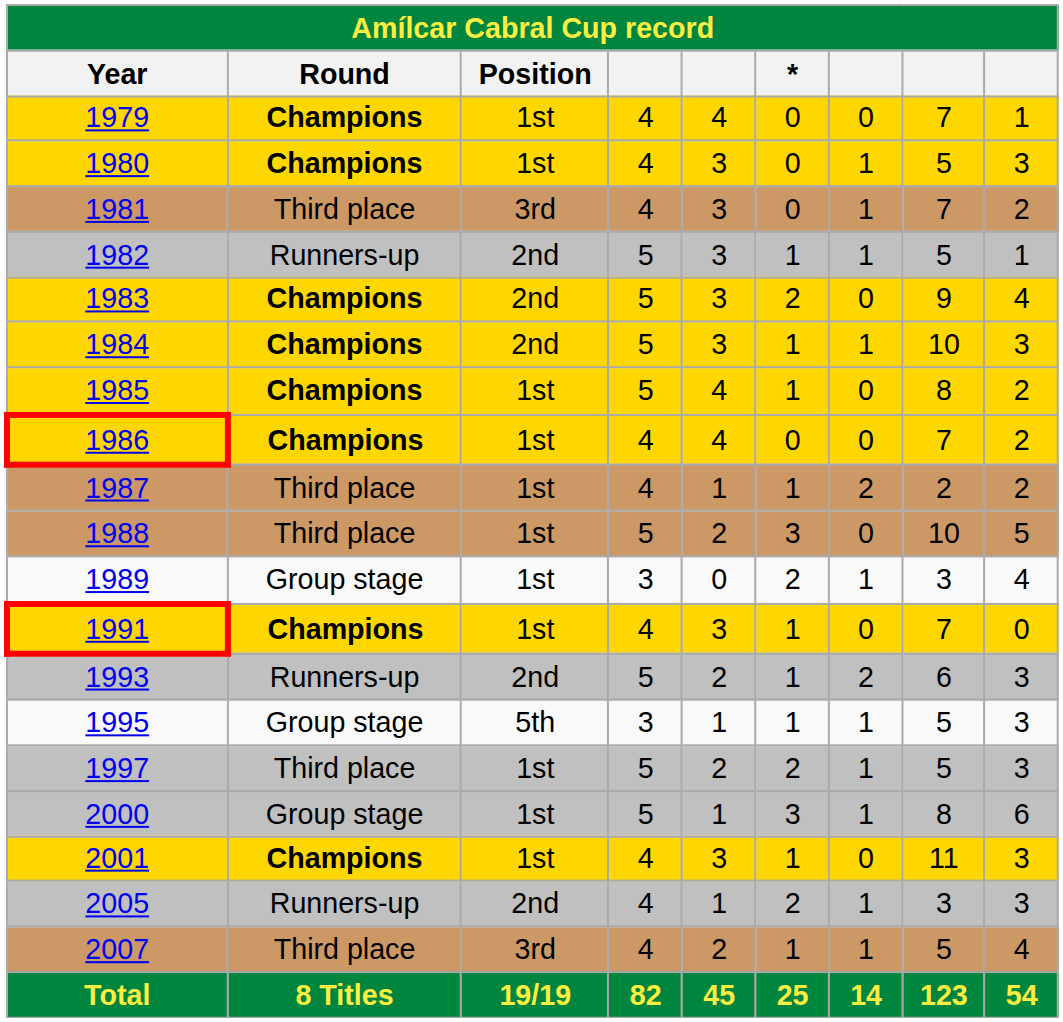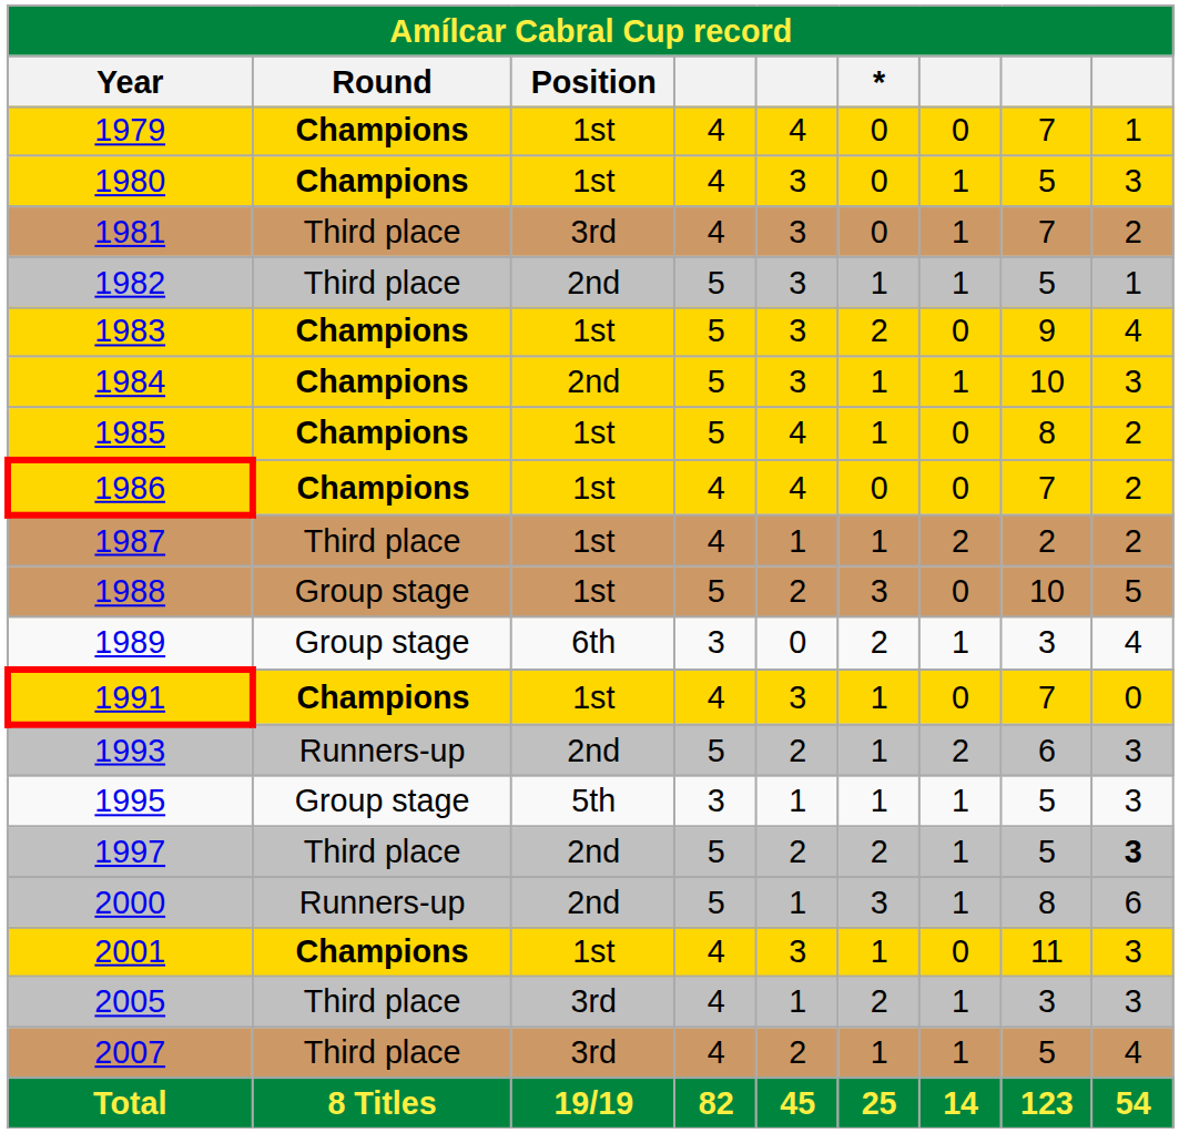 <table class="wikitable" style="font-size:90%; text-align:center;" width="60%">
 <tr>
 <th colspan="9" style="background:#00853F; color:#FDEF42; ">Amílcar Cabral Cup record</th>
 </tr>
 <tr>
 <th width="15%">Year</th>
 <th width="15%">Round</th>
 <th width="5%">Position</th>
 <th width="5%"></th>
 <th width="5%"></th>
 <th width="5%">*</th>
 <th width="5%"></th>
 <th width="5%"></th>
 <th width="5%"></th>
 </tr>
 <tr bgcolor="gold">
 <td> <a href='#'>1979</a></td>
 <td><strong>Champions</strong></td>
 <td>1st</td>
 <td>4</td>
 <td>4</td>
 <td>0</td>
 <td>0</td>
 <td>7</td>
 <td>1</td>
 </tr>
 <tr bgcolor="gold">
 <td> <a href='#'>1980</a></td>
 <td><strong>Champions</strong></td>
 <td>1st</td>
 <td>4</td>
 <td>3</td>
 <td>0</td>
 <td>1</td>
 <td>5</td>
 <td>3</td>
 </tr>
 <tr style="background:#cc9966;">
 <td> <a href='#'>1981</a></td>
 <td>Third place</td>
 <td>3rd</td>
 <td>4</td>
 <td>3</td>
 <td>0</td>
 <td>1</td>
 <td>7</td>
 <td>2</td>
 </tr>
 <tr bgcolor="silver">
 <td> <a href='#'>1982</a></td>
-<td>Runners-up</td>
+<td>Third place</td>
 <td>2nd</td>
 <td>5</td>
 <td>3</td>
 <td>1</td>
 <td>1</td>
 <td>5</td>
 <td>1</td>
 </tr>
 <tr bgcolor="gold">
 <td> <a href='#'>1983</a></td>
 <td><strong>Champions</strong></td>
-<td>2nd</td>
+<td>1st</td>
 <td>5</td>
 <td>3</td>
 <td>2</td>
 <td>0</td>
 <td>9</td>
 <td>4</td>
 </tr>
 <tr bgcolor="gold">
 <td> <a href='#'>1984</a></td>
 <td><strong>Champions</strong></td>
 <td>2nd</td>
 <td>5</td>
 <td>3</td>
 <td>1</td>
 <td>1</td>
 <td>10</td>
 <td>3</td>
 </tr>
 <tr bgcolor="gold">
 <td> <a href='#'>1985</a></td>
 <td><strong>Champions</strong></td>
 <td>1st</td>
 <td>5</td>
 <td>4</td>
 <td>1</td>
 <td>0</td>
 <td>8</td>
 <td>2</td>
 </tr>
 <tr bgcolor="gold">
 <td style="border: 3px solid red "> <a href='#'>1986</a></td>
 <td><strong>Champions</strong></td>
 <td>1st</td>
 <td>4</td>
 <td>4</td>
 <td>0</td>
 <td>0</td>
 <td>7</td>
 <td>2</td>
 </tr>
 <tr style="background:#cc9966;">
 <td> <a href='#'>1987</a></td>
 <td>Third place</td>
 <td>1st</td>
 <td>4</td>
 <td>1</td>
 <td>1</td>
 <td>2</td>
 <td>2</td>
 <td>2</td>
 </tr>
 <tr style="background:#cc9966;">
 <td> <a href='#'>1988</a></td>
-<td>Third place</td>
+<td>Group stage</td>
 <td>1st</td>
 <td>5</td>
 <td>2</td>
 <td>3</td>
 <td>0</td>
 <td>10</td>
 <td>5</td>
 </tr>
 <tr>
 <td> <a href='#'>1989</a></td>
 <td>Group stage</td>
-<td>1st</td>
+<td>6th</td>
 <td>3</td>
 <td>0</td>
 <td>2</td>
 <td>1</td>
 <td>3</td>
 <td>4</td>
 </tr>
 <tr bgcolor="gold">
 <td style="border: 3px solid red "> <a href='#'>1991</a></td>
 <td><strong>Champions</strong></td>
 <td>1st</td>
 <td>4</td>
 <td>3</td>
 <td>1</td>
 <td>0</td>
 <td>7</td>
 <td>0</td>
 </tr>
 <tr bgcolor="silver">
 <td> <a href='#'>1993</a></td>
 <td>Runners-up</td>
 <td>2nd</td>
 <td>5</td>
 <td>2</td>
 <td>1</td>
 <td>2</td>
 <td>6</td>
 <td>3</td>
 </tr>
 <tr>
 <td> <a href='#'>1995</a></td>
 <td>Group stage</td>
 <td>5th</td>
 <td>3</td>
 <td>1</td>
 <td>1</td>
 <td>1</td>
 <td>5</td>
 <td>3</td>
 </tr>
 <tr bgcolor="silver">
 <td> <a href='#'>1997</a></td>
 <td>Third place</td>
-<td>1st</td>
+<td>2nd</td>
 <td>5</td>
 <td>2</td>
 <td>2</td>
 <td>1</td>
 <td>5</td>
-<td>3</td>
+<td><strong>3</strong></td>
 </tr>
 <tr bgcolor="silver">
 <td> <a href='#'>2000</a></td>
-<td>Group stage</td>
-<td>1st</td>
+<td>Runners-up</td>
+<td>2nd</td>
 <td>5</td>
 <td>1</td>
 <td>3</td>
 <td>1</td>
 <td>8</td>
 <td>6</td>
 </tr>
 <tr bgcolor="gold">
 <td> <a href='#'>2001</a></td>
 <td><strong>Champions</strong></td>
 <td>1st</td>
 <td>4</td>
 <td>3</td>
 <td>1</td>
 <td>0</td>
 <td>11</td>
 <td>3</td>
 </tr>
 <tr bgcolor="silver">
 <td> <a href='#'>2005</a></td>
-<td>Runners-up</td>
-<td>2nd</td>
+<td>Third place</td>
+<td>3rd</td>
 <td>4</td>
 <td>1</td>
 <td>2</td>
 <td>1</td>
 <td>3</td>
 <td>3</td>
 </tr>
 <tr style="background:#cc9966;">
 <td> <a href='#'>2007</a></td>
 <td>Third place</td>
 <td>3rd</td>
 <td>4</td>
 <td>2</td>
 <td>1</td>
 <td>1</td>
 <td>5</td>
 <td>4</td>
 </tr>
 <tr>
 <th style="background:#00853F; color:#FDEF42; ">Total</th>
 <th style="background:#00853F; color:#FDEF42; ">8 Titles</th>
 <th style="background:#00853F; color:#FDEF42; ">19/19</th>
 <th style="background:#00853F; color:#FDEF42; ">82</th>
 <th style="background:#00853F; color:#FDEF42; ">45</th>
 <th style="background:#00853F; color:#FDEF42; ">25</th>
 <th style="background:#00853F; color:#FDEF42; ">14</th>
 <th style="background:#00853F; color:#FDEF42; ">123</th>
 <th style="background:#00853F; color:#FDEF42; ">54</th>
 </tr>
 </table>
